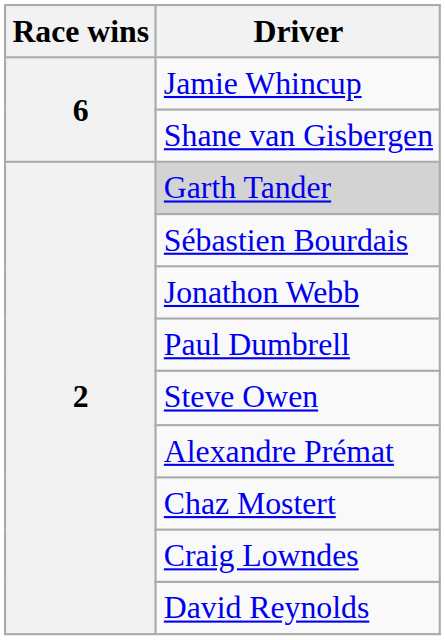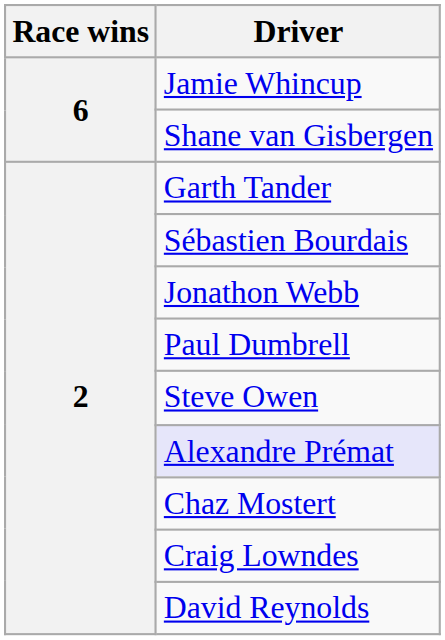 <table class="wikitable" style="font-size: 95%;">
 <tr>
 <th>Race wins</th>
 <th>Driver</th>
 </tr>
 <tr>
 <th rowspan=2>6</th>
 <td> <a href='#'>Jamie Whincup</a></td>
 </tr>
 <tr>
 <td> <a href='#'>Shane van Gisbergen</a></td>
 </tr>
 <tr>
 <th rowspan=9>2</th>
-<td style="background: lightgrey;"> <a href='#'>Garth Tander</a></td>
+<td> <a href='#'>Garth Tander</a></td>
 </tr>
 <tr>
 <td> <a href='#'>Sébastien Bourdais</a></td>
 </tr>
 <tr>
 <td> <a href='#'>Jonathon Webb</a></td>
 </tr>
 <tr>
 <td> <a href='#'>Paul Dumbrell</a></td>
 </tr>
 <tr>
 <td> <a href='#'>Steve Owen</a></td>
 </tr>
 <tr>
-<td> <a href='#'>Alexandre Prémat</a></td>
+<td style="background: lavender;"> <a href='#'>Alexandre Prémat</a></td>
 </tr>
 <tr>
 <td> <a href='#'>Chaz Mostert</a></td>
 </tr>
 <tr>
 <td> <a href='#'>Craig Lowndes</a></td>
 </tr>
 <tr>
 <td> <a href='#'>David Reynolds</a></td>
 </tr>
 </table>
